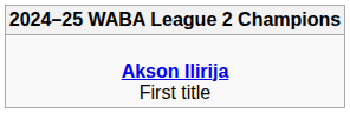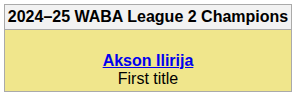 <table class=wikitable style="text-align:center; margin:auto">
 <tr>
 <th>2024–25 WABA League 2 Champions</th>
 </tr>
 <tr>
-<td> <br><strong><a href='#'>Akson Ilirija</a></strong><br>First title</td>
+<td style="background: khaki;"> <br><strong><a href='#'>Akson Ilirija</a></strong><br>First title</td>
 </tr>
 </table>
